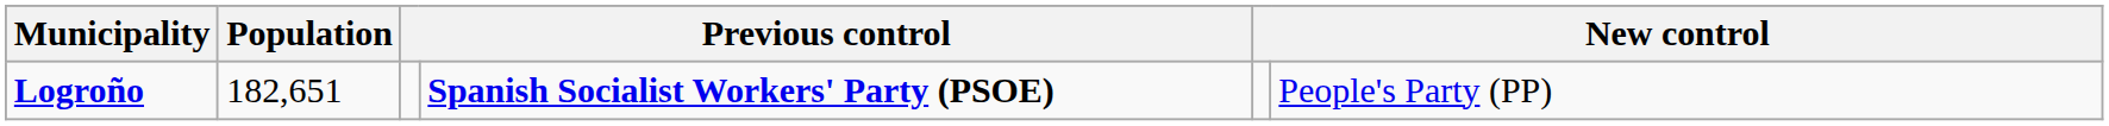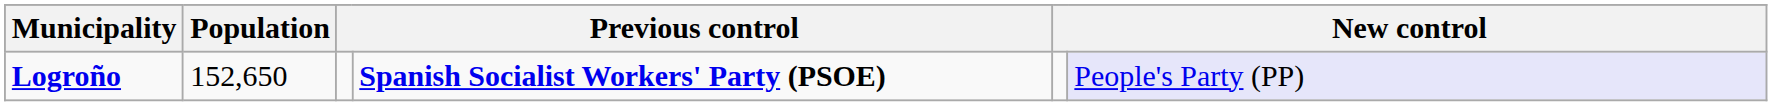 <table class="wikitable sortable">
 <tr>
 <th>Municipality</th>
 <th>Population</th>
 <th colspan="2" style="width:375px;">Previous control</th>
 <th colspan="2" style="width:375px;">New control</th>
 </tr>
 <tr>
 <td><strong><a href='#'>Logroño</a></strong></td>
-<td>182,651</td>
+<td>152,650</td>
 <td width="1" style="color:inherit;background:"></td>
 <td align="left"><strong><a href='#'>Spanish Socialist Workers' Party</a> (PSOE)</strong></td>
 <td width="1" style="color:inherit;background:"></td>
-<td align="left"><a href='#'>People's Party</a> (PP)</td>
+<td align="left" style="background: lavender;"><a href='#'>People's Party</a> (PP)</td>
 </tr>
 </table>
